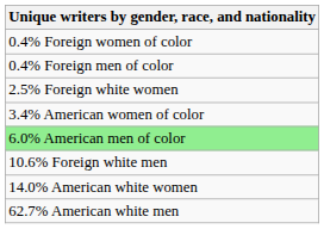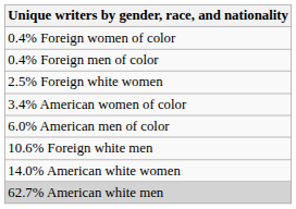 <table class="wikitable">
 <tr>
 <th>Unique writers by gender, race, and nationality</th>
 </tr>
 <tr>
 <td>0.4% Foreign women of color</td>
 </tr>
 <tr>
 <td>0.4% Foreign men of color</td>
 </tr>
 <tr>
 <td>2.5% Foreign white women</td>
 </tr>
 <tr>
 <td>3.4% American women of color</td>
 </tr>
 <tr>
-<td style="background: lightgreen;">6.0% American men of color</td>
+<td>6.0% American men of color</td>
 </tr>
 <tr>
 <td>10.6% Foreign white men</td>
 </tr>
 <tr>
 <td>14.0% American white women</td>
 </tr>
 <tr>
-<td>62.7% American white men</td>
+<td style="background: lightgrey;">62.7% American white men</td>
 </tr>
 </table>
